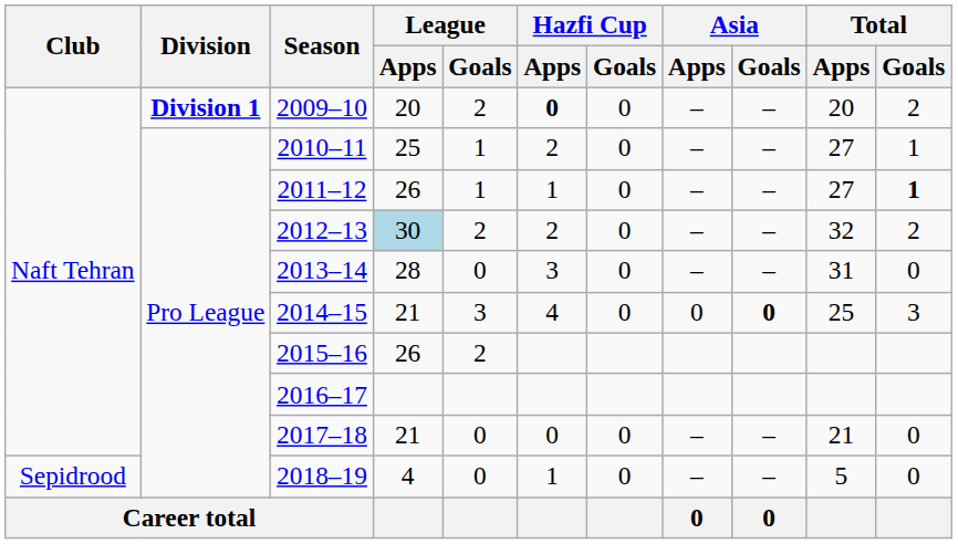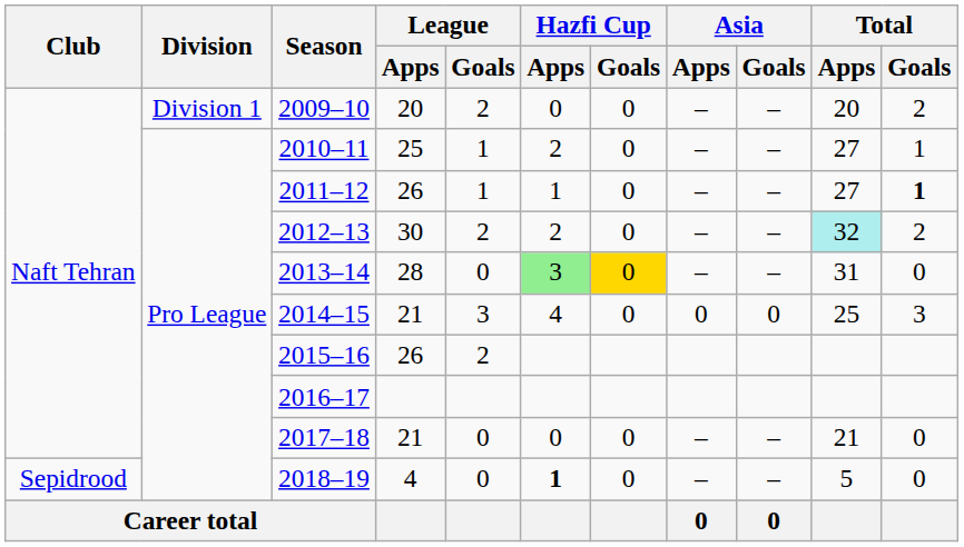 <table class="wikitable" style="text-align: center;">
 <tr>
 <th rowspan="2">Club</th>
 <th rowspan="2">Division</th>
 <th rowspan="2">Season</th>
 <th colspan="2">League</th>
 <th colspan="2"><a href='#'>Hazfi Cup</a></th>
 <th colspan="2"><a href='#'>Asia</a></th>
 <th colspan="2">Total</th>
 </tr>
 <tr>
 <th>Apps</th>
 <th>Goals</th>
 <th>Apps</th>
 <th>Goals</th>
 <th>Apps</th>
 <th>Goals</th>
 <th>Apps</th>
 <th>Goals</th>
 </tr>
 <tr>
 <td rowspan="9"><a href='#'>Naft Tehran</a></td>
-<td><strong><a href='#'>Division 1</a></strong></td>
+<td><a href='#'>Division 1</a></td>
 <td><a href='#'>2009–10</a></td>
 <td>20</td>
 <td>2</td>
-<td><strong>0</strong></td>
+<td>0</td>
 <td>0</td>
 <td>–</td>
 <td>–</td>
 <td>20</td>
 <td>2</td>
 </tr>
 <tr>
 <td rowspan="9"><a href='#'>Pro League</a></td>
 <td><a href='#'>2010–11</a></td>
 <td>25</td>
 <td>1</td>
 <td>2</td>
 <td>0</td>
 <td>–</td>
 <td>–</td>
 <td>27</td>
 <td>1</td>
 </tr>
 <tr>
 <td><a href='#'>2011–12</a></td>
 <td>26</td>
 <td>1</td>
 <td>1</td>
 <td>0</td>
 <td>–</td>
 <td>–</td>
 <td>27</td>
 <td><strong>1</strong></td>
 </tr>
 <tr>
 <td><a href='#'>2012–13</a></td>
-<td style="background: lightblue;">30</td>
+<td>30</td>
 <td>2</td>
 <td>2</td>
 <td>0</td>
 <td>–</td>
 <td>–</td>
-<td>32</td>
+<td style="background: paleturquoise;">32</td>
 <td>2</td>
 </tr>
 <tr>
 <td><a href='#'>2013–14</a></td>
 <td>28</td>
 <td>0</td>
-<td>3</td>
-<td>0</td>
+<td style="background: lightgreen;">3</td>
+<td style="background: gold;">0</td>
 <td>–</td>
 <td>–</td>
 <td>31</td>
 <td>0</td>
 </tr>
 <tr>
 <td><a href='#'>2014–15</a></td>
 <td>21</td>
 <td>3</td>
 <td>4</td>
 <td>0</td>
 <td>0</td>
-<td><strong>0</strong></td>
+<td>0</td>
 <td>25</td>
 <td>3</td>
 </tr>
 <tr>
 <td><a href='#'>2015–16</a></td>
 <td>26</td>
 <td>2</td>
 <td></td>
 <td></td>
 <td></td>
 <td></td>
 <td></td>
 <td></td>
 </tr>
 <tr>
 <td><a href='#'>2016–17</a></td>
 <td></td>
 <td></td>
 <td></td>
 <td></td>
 <td></td>
 <td></td>
 <td></td>
 <td></td>
 </tr>
 <tr>
 <td><a href='#'>2017–18</a></td>
 <td>21</td>
 <td>0</td>
 <td>0</td>
 <td>0</td>
 <td>–</td>
 <td>–</td>
 <td>21</td>
 <td>0</td>
 </tr>
 <tr>
 <td><a href='#'>Sepidrood</a></td>
 <td><a href='#'>2018–19</a></td>
 <td>4</td>
 <td>0</td>
-<td>1</td>
+<td><strong>1</strong></td>
 <td>0</td>
 <td>–</td>
 <td>–</td>
 <td>5</td>
 <td>0</td>
 </tr>
 <tr>
 <th colspan=3>Career total</th>
 <th></th>
 <th></th>
 <th></th>
 <th></th>
 <th>0</th>
 <th>0</th>
 <th></th>
 <th></th>
 </tr>
 </table>
